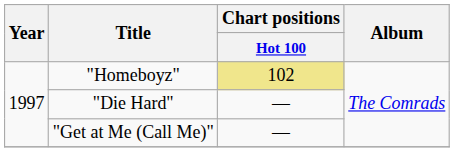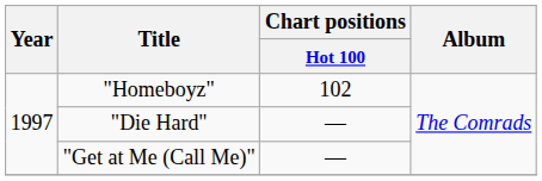 <table class="wikitable" style="text-align:center">
 <tr>
 <th rowspan="2">Year</th>
 <th rowspan="2">Title</th>
 <th>Chart positions</th>
 <th rowspan="2">Album</th>
 </tr>
 <tr>
 <th><small><a href='#'>Hot 100</a></small></th>
 </tr>
 <tr>
 <td rowspan="3">1997</td>
 <td>"Homeboyz"</td>
-<td style="background: khaki;">102</td>
+<td>102</td>
 <td rowspan="3"><em><a href='#'>The Comrads</a></em></td>
 </tr>
 <tr>
 <td>"Die Hard"</td>
 <td>—</td>
 </tr>
 <tr>
 <td>"Get at Me (Call Me)"</td>
 <td>—</td>
 </tr>
 <tr>
 </tr>
 </table>
